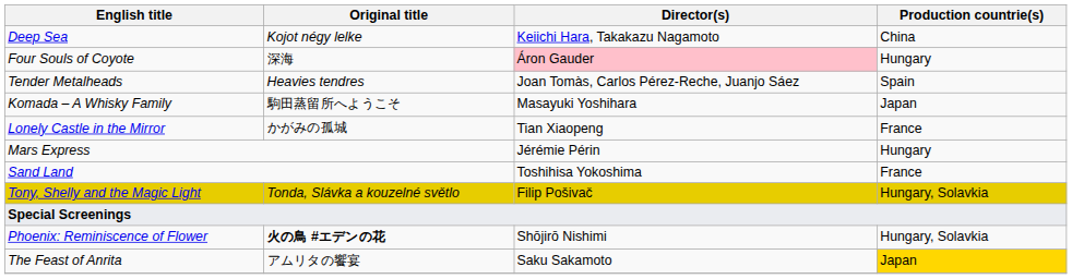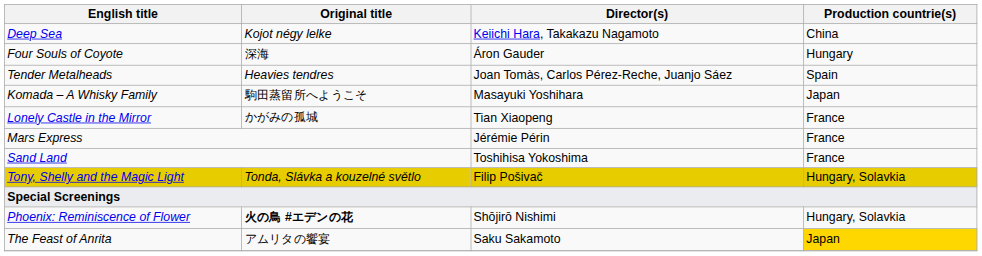 <table class="sortable wikitable" style="width:100%; margin-bottom:4px" cellpadding="5">
 <tr>
 <th scope="col">English title</th>
 <th scope="col">Original title</th>
 <th scope="col">Director(s)</th>
 <th scope="col">Production countrie(s)</th>
 </tr>
 <tr>
 <td><em><a href='#'>Deep Sea</a></em></td>
 <td><em>Kojot négy lelke</em></td>
 <td><a href='#'>Keiichi Hara</a>, Takakazu Nagamoto</td>
 <td>China</td>
 </tr>
 <tr>
 <td><em>Four Souls of Coyote</em></td>
 <td>深海</td>
-<td style="background: pink;">Áron Gauder</td>
+<td>Áron Gauder</td>
 <td>Hungary</td>
 </tr>
 <tr>
 <td><em>Tender Metalheads</em></td>
 <td><em>Heavies tendres</em></td>
 <td>Joan Tomàs, Carlos Pérez-Reche, Juanjo Sáez</td>
 <td>Spain</td>
 </tr>
 <tr>
 <td><em>Komada – A Whisky Family</em></td>
 <td>駒田蒸留所へようこそ</td>
 <td>Masayuki Yoshihara</td>
 <td>Japan</td>
 </tr>
 <tr>
 <td><em><a href='#'>Lonely Castle in the Mirror</a></em></td>
 <td>かがみの孤城</td>
 <td>Tian Xiaopeng</td>
 <td>France</td>
 </tr>
 <tr>
 <td colspan="2"><em>Mars Express</em></td>
 <td>Jérémie Périn</td>
-<td>Hungary</td>
+<td>France</td>
 </tr>
 <tr>
 <td colspan="2"><em><a href='#'>Sand Land</a></em></td>
 <td>Toshihisa Yokoshima</td>
 <td>France</td>
 </tr>
 <tr style="background:#E7CD00;">
 <td><em><a href='#'>Tony, Shelly and the Magic Light</a></em></td>
 <td><em>Tonda, Slávka a kouzelné světlo</em></td>
 <td>Filip Pošivač</td>
 <td>Hungary, Solavkia</td>
 </tr>
 <tr>
 <td colspan=4 class="center" style="padding-center:120px; background-color:#EAECF0"><strong>Special Screenings</strong></td>
 </tr>
 <tr>
 <td><em><a href='#'>Phoenix: Reminiscence of Flower</a></em></td>
 <td><strong>火の鳥 #エデンの花</strong></td>
 <td>Shōjirō Nishimi</td>
 <td>Hungary, Solavkia</td>
 </tr>
 <tr>
 <td><em>The Feast of Anrita</em></td>
 <td>アムリタの饗宴</td>
 <td>Saku Sakamoto</td>
 <td style="background: gold;">Japan</td>
 </tr>
 <tr>
 </tr>
 </table>
